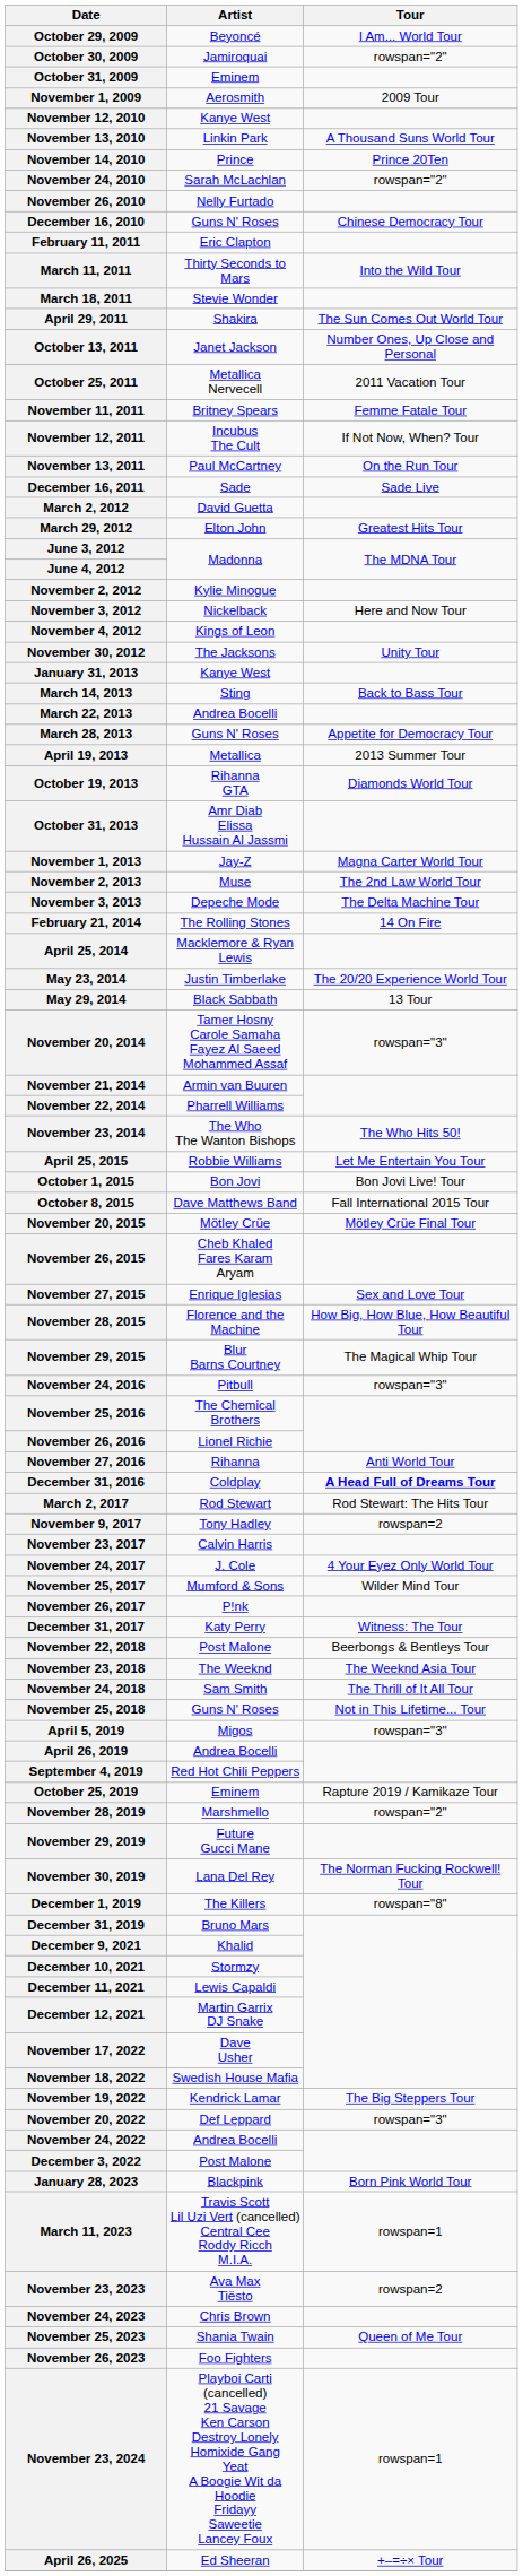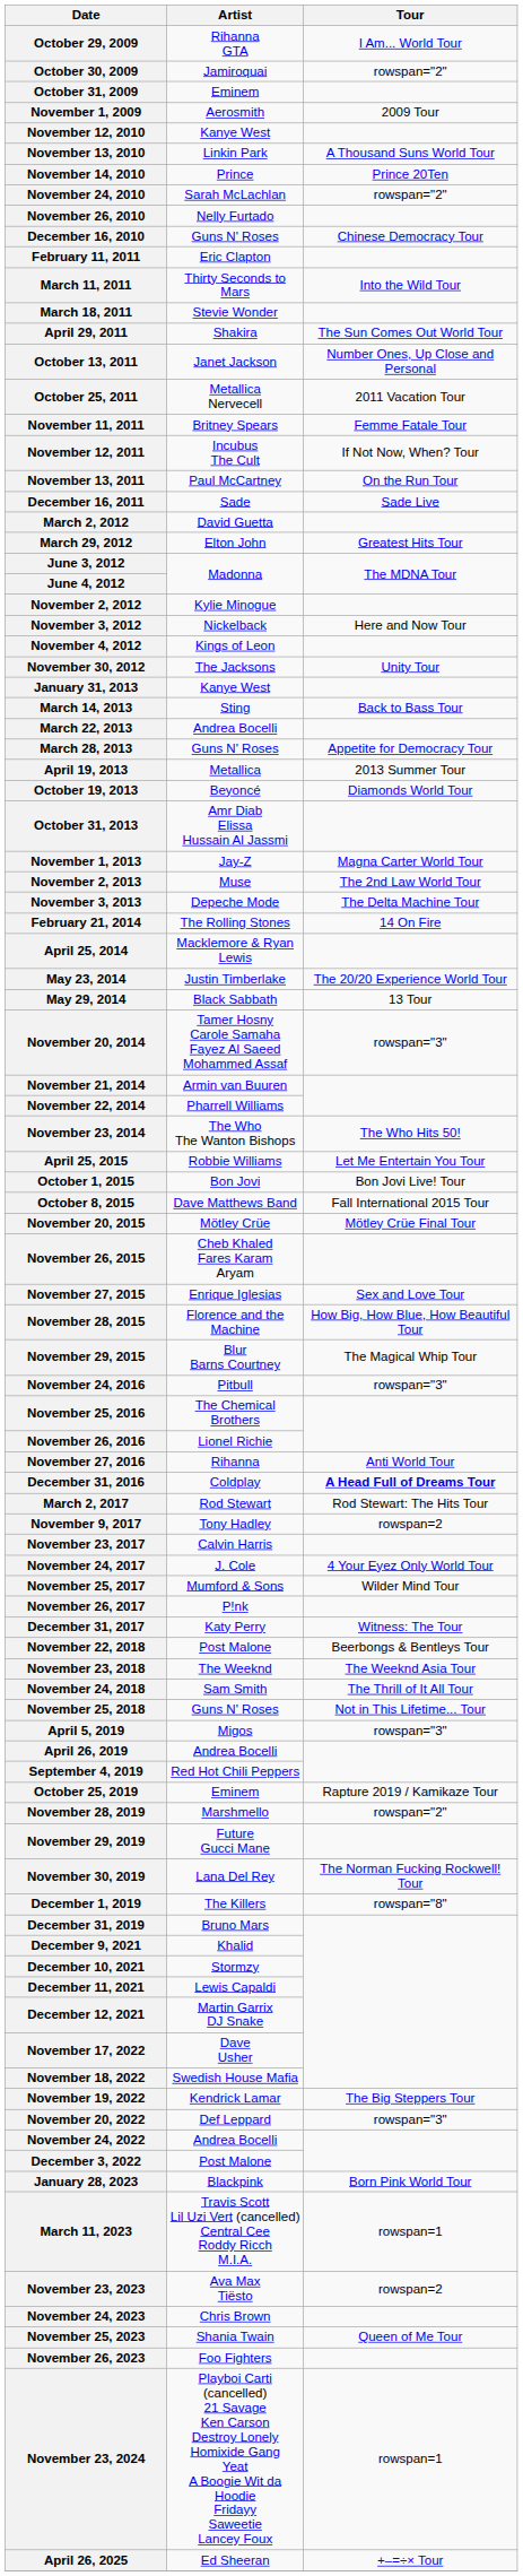 <table class="wikitable plainrowheaders" style="text-align:center;">
 <tr>
 <th scope="col" style="width:12em;">Date</th>
 <th scope="col" style="width:10em;">Artist</th>
 <th scope="col" style="width:16em;">Tour</th>
 </tr>
 <tr>
 <th scope="row" style="text-align:center;">October 29, 2009</th>
-<td><a href='#'>Beyoncé</a></td>
+<td><a href='#'>Rihanna</a><br><a href='#'>GTA</a></td>
 <td><a href='#'>I Am... World Tour</a></td>
 </tr>
 <tr>
 <th scope="row" style="text-align:center;">October 30, 2009</th>
 <td><a href='#'>Jamiroquai</a></td>
 <td>rowspan="2" </td>
 </tr>
 <tr>
 <th scope="row" style="text-align:center;">October 31, 2009</th>
 <td><a href='#'>Eminem</a></td>
 </tr>
 <tr>
 <th scope="row" style="text-align:center;">November 1, 2009</th>
 <td><a href='#'>Aerosmith</a></td>
 <td>2009 Tour</td>
 </tr>
 <tr>
 <th scope="row" style="text-align:center;">November 12, 2010</th>
 <td><a href='#'>Kanye West</a></td>
 <td></td>
 </tr>
 <tr>
 <th scope="row" style="text-align:center;">November 13, 2010</th>
 <td><a href='#'>Linkin Park</a></td>
 <td><a href='#'>A Thousand Suns World Tour</a></td>
 </tr>
 <tr>
 <th scope="row" style="text-align:center;">November 14, 2010</th>
 <td><a href='#'>Prince</a></td>
 <td><a href='#'>Prince 20Ten</a></td>
 </tr>
 <tr>
 <th scope="row" style="text-align:center;">November 24, 2010</th>
 <td><a href='#'>Sarah McLachlan</a></td>
 <td>rowspan="2" </td>
 </tr>
 <tr>
 <th scope="row" style="text-align:center;">November 26, 2010</th>
 <td><a href='#'>Nelly Furtado</a></td>
 </tr>
 <tr>
 <th scope="row" style="text-align:center;">December 16, 2010</th>
 <td><a href='#'>Guns N' Roses</a></td>
 <td><a href='#'>Chinese Democracy Tour</a></td>
 </tr>
 <tr>
 <th scope="row" style="text-align:center;">February 11, 2011</th>
 <td><a href='#'>Eric Clapton</a></td>
 <td></td>
 </tr>
 <tr>
 <th scope="row" style="text-align:center;">March 11, 2011</th>
 <td><a href='#'>Thirty Seconds to Mars</a></td>
 <td><a href='#'>Into the Wild Tour</a></td>
 </tr>
 <tr>
 <th scope="row" style="text-align:center;">March 18, 2011</th>
 <td><a href='#'>Stevie Wonder</a></td>
 <td></td>
 </tr>
 <tr>
 <th scope="row" style="text-align:center;">April 29, 2011</th>
 <td><a href='#'>Shakira</a></td>
 <td><a href='#'>The Sun Comes Out World Tour</a></td>
 </tr>
 <tr>
 <th scope="row" style="text-align:center;">October 13, 2011</th>
 <td><a href='#'>Janet Jackson</a></td>
 <td><a href='#'>Number Ones, Up Close and Personal</a></td>
 </tr>
 <tr>
 <th scope="row" style="text-align:center;">October 25, 2011</th>
 <td><a href='#'>Metallica</a><br>Nervecell</td>
 <td>2011 Vacation Tour</td>
 </tr>
 <tr>
 <th scope="row" style="text-align:center;">November 11, 2011</th>
 <td><a href='#'>Britney Spears</a></td>
 <td><a href='#'>Femme Fatale Tour</a></td>
 </tr>
 <tr>
 <th scope="row" style="text-align:center;">November 12, 2011</th>
 <td><a href='#'>Incubus</a><br><a href='#'>The Cult</a></td>
 <td>If Not Now, When? Tour</td>
 </tr>
 <tr>
 <th scope="row" style="text-align:center;">November 13, 2011</th>
 <td><a href='#'>Paul McCartney</a></td>
 <td><a href='#'>On the Run Tour</a></td>
 </tr>
 <tr>
 <th scope="row" style="text-align:center;">December 16, 2011</th>
 <td><a href='#'>Sade</a></td>
 <td><a href='#'>Sade Live</a></td>
 </tr>
 <tr>
 <th scope="row" style="text-align:center;">March 2, 2012</th>
 <td><a href='#'>David Guetta</a></td>
 <td></td>
 </tr>
 <tr>
 <th scope="row" style="text-align:center;">March 29, 2012</th>
 <td><a href='#'>Elton John</a></td>
 <td><a href='#'>Greatest Hits Tour</a></td>
 </tr>
 <tr>
 <th scope="row" style="text-align:center;">June 3, 2012</th>
 <td rowspan="2"><a href='#'>Madonna</a></td>
 <td rowspan="2"><a href='#'>The MDNA Tour</a></td>
 </tr>
 <tr>
 <th scope="row" style="text-align:center;">June 4, 2012</th>
 </tr>
 <tr>
 <th scope="row" style="text-align:center;">November 2, 2012</th>
 <td><a href='#'>Kylie Minogue</a></td>
 <td></td>
 </tr>
 <tr>
 <th scope="row" style="text-align:center;">November 3, 2012</th>
 <td><a href='#'>Nickelback</a></td>
 <td>Here and Now Tour</td>
 </tr>
 <tr>
 <th scope="row" style="text-align:center;">November 4, 2012</th>
 <td><a href='#'>Kings of Leon</a></td>
 <td></td>
 </tr>
 <tr>
 <th scope="row" style="text-align:center;">November 30, 2012</th>
 <td><a href='#'>The Jacksons</a></td>
 <td><a href='#'>Unity Tour</a></td>
 </tr>
 <tr>
 <th scope="row" style="text-align:center;">January 31, 2013</th>
 <td><a href='#'>Kanye West</a></td>
 <td></td>
 </tr>
 <tr>
 <th scope="row" style="text-align:center;">March 14, 2013</th>
 <td><a href='#'>Sting</a></td>
 <td><a href='#'>Back to Bass Tour</a></td>
 </tr>
 <tr>
 <th scope="row" style="text-align:center;">March 22, 2013</th>
 <td><a href='#'>Andrea Bocelli</a></td>
 <td></td>
 </tr>
 <tr>
 <th scope="row" style="text-align:center;">March 28, 2013</th>
 <td><a href='#'>Guns N' Roses</a></td>
 <td><a href='#'>Appetite for Democracy Tour</a></td>
 </tr>
 <tr>
 <th scope="row" style="text-align:center;">April 19, 2013</th>
 <td><a href='#'>Metallica</a></td>
 <td>2013 Summer Tour</td>
 </tr>
 <tr>
 <th scope="row" style="text-align:center;">October 19, 2013</th>
-<td><a href='#'>Rihanna</a><br><a href='#'>GTA</a></td>
+<td><a href='#'>Beyoncé</a></td>
 <td><a href='#'>Diamonds World Tour</a></td>
 </tr>
 <tr>
 <th scope="row" style="text-align:center;">October 31, 2013</th>
 <td><a href='#'>Amr Diab</a><br><a href='#'>Elissa</a><br><a href='#'>Hussain Al Jassmi</a></td>
 <td></td>
 </tr>
 <tr>
 <th scope="row" style="text-align:center;">November 1, 2013</th>
 <td><a href='#'>Jay-Z</a></td>
 <td><a href='#'>Magna Carter World Tour</a></td>
 </tr>
 <tr>
 <th scope="row" style="text-align:center;">November 2, 2013</th>
 <td><a href='#'>Muse</a></td>
 <td><a href='#'>The 2nd Law World Tour</a></td>
 </tr>
 <tr>
 <th scope="row" style="text-align:center;">November 3, 2013</th>
 <td><a href='#'>Depeche Mode</a></td>
 <td><a href='#'>The Delta Machine Tour</a></td>
 </tr>
 <tr>
 <th scope="row" style="text-align:center;">February 21, 2014</th>
 <td><a href='#'>The Rolling Stones</a></td>
 <td><a href='#'>14 On Fire</a></td>
 </tr>
 <tr>
 <th scope="row" style="text-align:center;">April 25, 2014</th>
 <td><a href='#'>Macklemore & Ryan Lewis</a></td>
 <td></td>
 </tr>
 <tr>
 <th scope="row" style="text-align:center;">May 23, 2014</th>
 <td><a href='#'>Justin Timberlake</a></td>
 <td><a href='#'>The 20/20 Experience World Tour</a></td>
 </tr>
 <tr>
 <th scope="row" style="text-align:center;">May 29, 2014</th>
 <td><a href='#'>Black Sabbath</a></td>
 <td>13 Tour</td>
 </tr>
 <tr>
 <th scope="row" style="text-align:center;">November 20, 2014</th>
 <td><a href='#'>Tamer Hosny</a><br><a href='#'>Carole Samaha</a><br><a href='#'>Fayez Al Saeed</a><br><a href='#'>Mohammed Assaf</a></td>
 <td>rowspan="3" </td>
 </tr>
 <tr>
 <th scope="row" style="text-align:center;">November 21, 2014</th>
 <td><a href='#'>Armin van Buuren</a></td>
 </tr>
 <tr>
 <th scope="row" style="text-align:center;">November 22, 2014</th>
 <td><a href='#'>Pharrell Williams</a></td>
 </tr>
 <tr>
 <th scope="row" style="text-align:center;">November 23, 2014</th>
 <td><a href='#'>The Who</a><br>The Wanton Bishops</td>
 <td><a href='#'>The Who Hits 50!</a></td>
 </tr>
 <tr>
 <th scope="row" style="text-align:center;">April 25, 2015</th>
 <td><a href='#'>Robbie Williams</a></td>
 <td><a href='#'>Let Me Entertain You Tour</a></td>
 </tr>
 <tr>
 <th scope="row" style="text-align:center;">October 1, 2015</th>
 <td><a href='#'>Bon Jovi</a></td>
 <td>Bon Jovi Live! Tour</td>
 </tr>
 <tr>
 <th scope="row" style="text-align:center;">October 8, 2015</th>
 <td><a href='#'>Dave Matthews Band</a></td>
 <td>Fall International 2015 Tour</td>
 </tr>
 <tr>
 <th scope="row" style="text-align:center;">November 20, 2015</th>
 <td><a href='#'>Mötley Crüe</a></td>
 <td><a href='#'>Mötley Crüe Final Tour</a></td>
 </tr>
 <tr>
 <th scope="row" style="text-align:center;">November 26, 2015</th>
 <td><a href='#'>Cheb Khaled</a><br><a href='#'>Fares Karam</a><br>Aryam</td>
 <td></td>
 </tr>
 <tr>
 <th scope="row" style="text-align:center;">November 27, 2015</th>
 <td><a href='#'>Enrique Iglesias</a></td>
 <td><a href='#'>Sex and Love Tour</a></td>
 </tr>
 <tr>
 <th scope="row" style="text-align:center;">November 28, 2015</th>
 <td><a href='#'>Florence and the Machine</a></td>
 <td><a href='#'>How Big, How Blue, How Beautiful Tour</a></td>
 </tr>
 <tr>
 <th scope="row" style="text-align:center;">November 29, 2015</th>
 <td><a href='#'>Blur</a><br><a href='#'>Barns Courtney</a></td>
 <td>The Magical Whip Tour</td>
 </tr>
 <tr>
 <th scope="row" style="text-align:center;">November 24, 2016</th>
 <td><a href='#'>Pitbull</a></td>
 <td>rowspan="3" </td>
 </tr>
 <tr>
 <th scope="row" style="text-align:center;">November 25, 2016</th>
 <td><a href='#'>The Chemical Brothers</a></td>
 </tr>
 <tr>
 <th scope="row" style="text-align:center;">November 26, 2016</th>
 <td><a href='#'>Lionel Richie</a></td>
 </tr>
 <tr>
 <th scope="row" style="text-align:center;">November 27, 2016</th>
 <td><a href='#'>Rihanna</a></td>
 <td><a href='#'>Anti World Tour</a></td>
 </tr>
 <tr>
 <th scope="row" style="text-align:center;">December 31, 2016</th>
 <td><a href='#'>Coldplay</a></td>
 <td><strong><a href='#'>A Head Full of Dreams Tour</a></strong></td>
 </tr>
 <tr>
 <th scope="row" style="text-align:center;">March 2, 2017</th>
 <td><a href='#'>Rod Stewart</a></td>
 <td>Rod Stewart: The Hits Tour</td>
 </tr>
 <tr>
 <th scope="row" style="text-align:center;">November 9, 2017</th>
 <td><a href='#'>Tony Hadley</a></td>
 <td>rowspan=2 </td>
 </tr>
 <tr>
 <th scope="row" style="text-align:center;">November 23, 2017</th>
 <td><a href='#'>Calvin Harris</a></td>
 </tr>
 <tr>
 <th scope="row" style="text-align:center;">November 24, 2017</th>
 <td><a href='#'>J. Cole</a></td>
 <td><a href='#'>4 Your Eyez Only World Tour</a></td>
 </tr>
 <tr>
 <th scope="row" style="text-align:center;">November 25, 2017</th>
 <td><a href='#'>Mumford & Sons</a></td>
 <td>Wilder Mind Tour</td>
 </tr>
 <tr>
 <th scope="row" style="text-align:center;">November 26, 2017</th>
 <td><a href='#'>P!nk</a></td>
 <td></td>
 </tr>
 <tr>
 <th scope="row" style="text-align:center;">December 31, 2017</th>
 <td><a href='#'>Katy Perry</a></td>
 <td><a href='#'>Witness: The Tour</a></td>
 </tr>
 <tr>
 <th scope="row" style="text-align:center;">November 22, 2018</th>
 <td><a href='#'>Post Malone</a></td>
 <td>Beerbongs & Bentleys Tour</td>
 </tr>
 <tr>
 <th scope="row" style="text-align:center;">November 23, 2018</th>
 <td><a href='#'>The Weeknd</a></td>
 <td><a href='#'>The Weeknd Asia Tour</a></td>
 </tr>
 <tr>
 <th scope="row" style="text-align:center;">November 24, 2018</th>
 <td><a href='#'>Sam Smith</a></td>
 <td><a href='#'>The Thrill of It All Tour</a></td>
 </tr>
 <tr>
 <th scope="row" style="text-align:center;">November 25, 2018</th>
 <td><a href='#'>Guns N' Roses</a></td>
 <td><a href='#'>Not in This Lifetime... Tour</a></td>
 </tr>
 <tr>
 <th scope="row" style="text-align:center;">April 5, 2019</th>
 <td><a href='#'>Migos</a></td>
 <td>rowspan="3" </td>
 </tr>
 <tr>
 <th scope="row" style="text-align:center;">April 26, 2019</th>
 <td><a href='#'>Andrea Bocelli</a></td>
 </tr>
 <tr>
 <th scope="row" style="text-align:center;">September 4, 2019</th>
 <td><a href='#'>Red Hot Chili Peppers</a></td>
 </tr>
 <tr>
 <th scope="row" style="text-align:center;">October 25, 2019</th>
 <td><a href='#'>Eminem</a></td>
 <td>Rapture 2019 / Kamikaze Tour</td>
 </tr>
 <tr>
 <th scope="row" style="text-align:center;">November 28, 2019</th>
 <td><a href='#'>Marshmello</a></td>
 <td>rowspan="2" </td>
 </tr>
 <tr>
 <th scope="row" style="text-align:center;">November 29, 2019</th>
 <td><a href='#'>Future</a><br><a href='#'>Gucci Mane</a></td>
 </tr>
 <tr>
 <th scope="row" style="text-align:center;">November 30, 2019</th>
 <td><a href='#'>Lana Del Rey</a></td>
 <td><a href='#'>The Norman Fucking Rockwell! Tour</a></td>
 </tr>
 <tr>
 <th scope="row" style="text-align:center;">December 1, 2019</th>
 <td><a href='#'>The Killers</a></td>
 <td>rowspan="8" </td>
 </tr>
 <tr>
 <th scope="row" style="text-align:center;">December 31, 2019</th>
 <td><a href='#'>Bruno Mars</a></td>
 </tr>
 <tr>
 <th scope="row" style="text-align:center;">December 9, 2021</th>
 <td><a href='#'>Khalid</a></td>
 </tr>
 <tr>
 <th scope="row" style="text-align:center;">December 10, 2021</th>
 <td><a href='#'>Stormzy</a></td>
 </tr>
 <tr>
 <th scope="row" style="text-align:center;">December 11, 2021</th>
 <td><a href='#'>Lewis Capaldi</a></td>
 </tr>
 <tr>
 <th scope="row" style="text-align:center;">December 12, 2021</th>
 <td><a href='#'>Martin Garrix</a><br><a href='#'>DJ Snake</a></td>
 </tr>
 <tr>
 <th scope="row" style="text-align:center;">November 17, 2022</th>
 <td><a href='#'>Dave</a><br><a href='#'>Usher</a></td>
 </tr>
 <tr>
 <th scope="row" style="text-align:center;">November 18, 2022</th>
 <td><a href='#'>Swedish House Mafia</a></td>
 </tr>
 <tr>
 <th scope="row" style="text-align:center;">November 19, 2022</th>
 <td><a href='#'>Kendrick Lamar</a></td>
 <td><a href='#'>The Big Steppers Tour</a></td>
 </tr>
 <tr>
 <th scope="row" style="text-align:center;">November 20, 2022</th>
 <td><a href='#'>Def Leppard</a></td>
 <td>rowspan="3" </td>
 </tr>
 <tr>
 <th scope="row" style="text-align:center;">November 24, 2022</th>
 <td><a href='#'>Andrea Bocelli</a></td>
 </tr>
 <tr>
 <th scope="row" style="text-align:center;">December 3, 2022</th>
 <td><a href='#'>Post Malone</a></td>
 </tr>
 <tr>
 <th scope="row" style="text-align:center;">January 28, 2023</th>
 <td><a href='#'>Blackpink</a></td>
 <td><a href='#'>Born Pink World Tour</a></td>
 </tr>
 <tr>
 <th scope="row" style="text-align:center;">March 11, 2023</th>
 <td><a href='#'>Travis Scott</a><br><a href='#'>Lil Uzi Vert</a> (cancelled)<br><a href='#'>Central Cee</a><br><a href='#'>Roddy Ricch</a><br><a href='#'>M.I.A.</a></td>
 <td>rowspan=1 </td>
 </tr>
 <tr>
 <th scope="row" style="text-align:center;">November 23, 2023</th>
 <td><a href='#'>Ava Max</a><br><a href='#'>Tiësto</a></td>
 <td>rowspan=2 </td>
 </tr>
 <tr>
 <th scope="row" style="text-align:center;">November 24, 2023</th>
 <td><a href='#'>Chris Brown</a></td>
 </tr>
 <tr>
 <th scope="row" style="text-align:center;">November 25, 2023</th>
 <td><a href='#'>Shania Twain</a></td>
 <td><a href='#'>Queen of Me Tour</a></td>
 </tr>
 <tr>
 <th scope="row" style="text-align:center;">November 26, 2023</th>
 <td><a href='#'>Foo Fighters</a></td>
 <td></td>
 </tr>
 <tr>
 <th scope="row" style="text-align:center;">November 23, 2024</th>
 <td><a href='#'>Playboi Carti</a> (cancelled)<br><a href='#'>21 Savage</a><br><a href='#'>Ken Carson</a><br><a href='#'>Destroy Lonely</a><br><a href='#'>Homixide Gang</a><br><a href='#'>Yeat</a><br><a href='#'>A Boogie Wit da Hoodie</a><br><a href='#'>Fridayy</a><br><a href='#'>Saweetie</a><br><a href='#'>Lancey Foux</a></td>
 <td>rowspan=1 </td>
 </tr>
 <tr>
 <th scope="row" style="text-align:center;">April 26, 2025</th>
 <td><a href='#'>Ed Sheeran</a></td>
 <td><a href='#'>+–=÷× Tour</a></td>
 </tr>
 <tr>
 </tr>
 </table>
